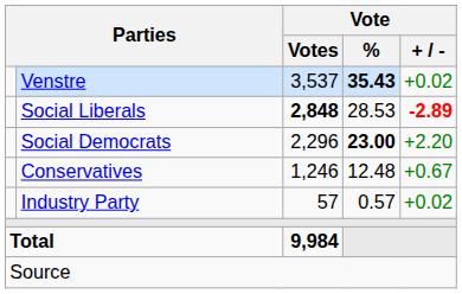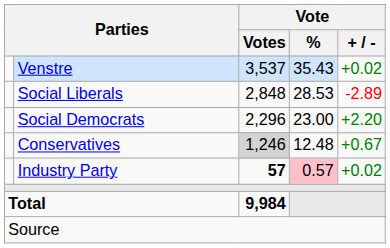 <table class="wikitable" style="text-align:right;">
 <tr>
 <th style="text-align:centre;" rowspan="2" colspan="2" width="225">Parties</th>
 <th colspan="3">Vote</th>
 </tr>
 <tr>
 <th width="15">Votes</th>
 <th width="15">%</th>
 <th width="15">+ / -</th>
 </tr>
 <tr>
 <td width="2" style="color:inherit;background:"></td>
 <td bgcolor=#cfe5fe  align="left"><a href='#'>Venstre</a></td>
 <td bgcolor=#cfe5fe>3,537</td>
-<td bgcolor=#cfe5fe><strong>35.43</strong></td>
+<td bgcolor=#cfe5fe>35.43</td>
 <td style=color:green;>+0.02</td>
 </tr>
 <tr>
 <td width="2" style="color:inherit;background:"></td>
 <td align="left"><a href='#'>Social Liberals</a></td>
-<td><strong>2,848</strong></td>
+<td>2,848</td>
 <td>28.53</td>
-<td style=color:red;><strong>-2.89</strong></td>
+<td style=color:red;>-2.89</td>
 </tr>
 <tr>
 <td width="2" style="color:inherit;background:"></td>
 <td align="left"><a href='#'>Social Democrats</a></td>
 <td>2,296</td>
-<td><strong>23.00</strong></td>
+<td>23.00</td>
 <td style=color:green;>+2.20</td>
 </tr>
 <tr>
 <td width="2" style="color:inherit;background:"></td>
 <td align="left"><a href='#'>Conservatives</a></td>
-<td>1,246</td>
+<td style="background: lightgrey;">1,246</td>
 <td>12.48</td>
 <td style=color:green;>+0.67</td>
 </tr>
 <tr>
 <td width="2" style="color:inherit;background:"></td>
 <td align="left"><a href='#'>Industry Party</a></td>
-<td>57</td>
-<td>0.57</td>
+<td><strong>57</strong></td>
+<td style="background: pink;">0.57</td>
 <td style=color:green;>+0.02</td>
 </tr>
 <tr>
 <td colspan="7" bgcolor="#E9E9E9"></td>
 </tr>
 <tr>
 <td align="left" colspan="2"><strong>Total</strong></td>
 <td><strong>9,984</strong></td>
 <td bgcolor="#E9E9E9" colspan="2"></td>
 </tr>
 <tr>
 <td align="left" colspan="6">Source</td>
 </tr>
 </table>
